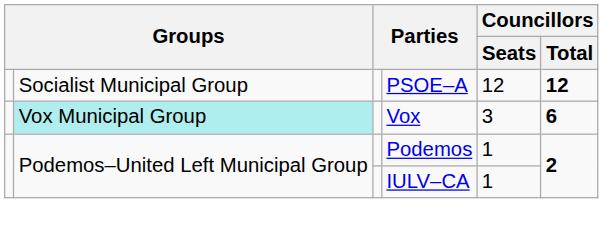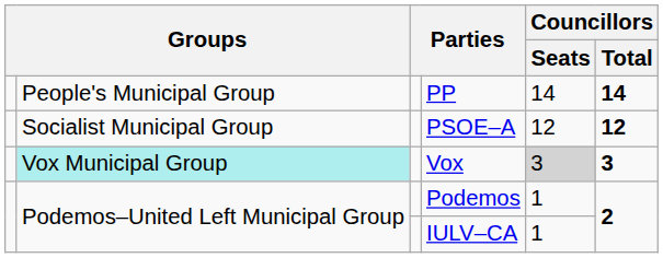 <table class="wikitable" style="text-align:left;">
 <tr>
 <th rowspan="2" colspan="2">Groups</th>
 <th rowspan="2" colspan="2">Parties</th>
 <th colspan="2">Councillors</th>
 </tr>
 <tr>
 <th>Seats</th>
 <th>Total</th>
+</tr>
+<tr>
+<td width="1" style="color:inherit;background:"></td>
+<td>People's Municipal Group</td>
+<td width="1" style="color:inherit;background:"></td>
+<td><a href='#'>PP</a></td>
+<td>14</td>
+<td><strong>14</strong></td>
 </tr>
 <tr>
 <td style="color:inherit;background:"></td>
 <td>Socialist Municipal Group</td>
 <td style="color:inherit;background:"></td>
 <td><a href='#'>PSOE–A</a></td>
 <td>12</td>
 <td><strong>12</strong></td>
 </tr>
 <tr>
 <td style="color:inherit;background:"></td>
 <td style="background: paleturquoise;">Vox Municipal Group</td>
 <td style="color:inherit;background:"></td>
 <td><a href='#'>Vox</a></td>
-<td>3</td>
-<td><strong>6</strong></td>
+<td style="background: lightgrey;">3</td>
+<td><strong>3</strong></td>
 </tr>
 <tr>
 <td rowspan="2" style="color:inherit;background:"></td>
 <td rowspan="2">Podemos–United Left Municipal Group</td>
 <td style="color:inherit;background:"></td>
 <td><a href='#'>Podemos</a></td>
 <td>1</td>
 <td rowspan="2"><strong>2</strong></td>
 </tr>
 <tr>
 <td style="color:inherit;background:"></td>
 <td><a href='#'>IULV–CA</a></td>
 <td>1</td>
 </tr>
 </table>
